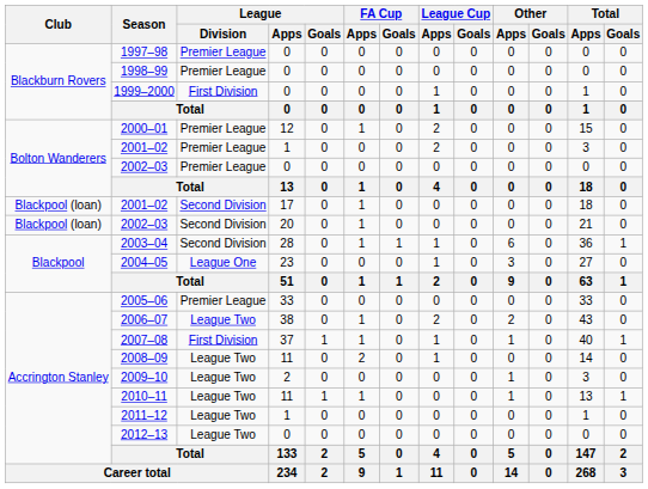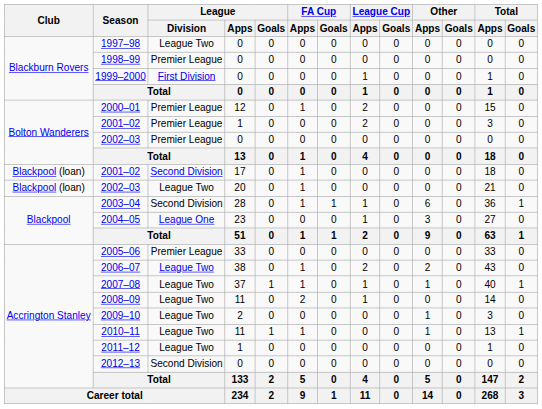 <table class="wikitable" style="text-align: center;">
 <tr>
 <th rowspan=2>Club</th>
 <th rowspan=2>Season</th>
 <th colspan=3>League</th>
 <th colspan=2><a href='#'>FA Cup</a></th>
 <th colspan=2><a href='#'>League Cup</a></th>
 <th colspan=2>Other</th>
 <th colspan=2>Total</th>
 </tr>
 <tr>
 <th>Division</th>
 <th>Apps</th>
 <th>Goals</th>
 <th>Apps</th>
 <th>Goals</th>
 <th>Apps</th>
 <th>Goals</th>
 <th>Apps</th>
 <th>Goals</th>
 <th>Apps</th>
 <th>Goals</th>
 </tr>
 <tr>
 <td rowspan="4"><a href='#'>Blackburn Rovers</a></td>
 <td><a href='#'>1997–98</a></td>
-<td><a href='#'>Premier League</a></td>
+<td>League Two</td>
 <td>0</td>
 <td>0</td>
 <td>0</td>
 <td>0</td>
 <td>0</td>
 <td>0</td>
 <td>0</td>
 <td>0</td>
 <td>0</td>
 <td>0</td>
 </tr>
 <tr>
 <td><a href='#'>1998–99</a></td>
 <td>Premier League</td>
 <td>0</td>
 <td>0</td>
 <td>0</td>
 <td>0</td>
 <td>0</td>
 <td>0</td>
 <td>0</td>
 <td>0</td>
 <td>0</td>
 <td>0</td>
 </tr>
 <tr>
 <td><a href='#'>1999–2000</a></td>
 <td><a href='#'>First Division</a></td>
 <td>0</td>
 <td>0</td>
 <td>0</td>
 <td>0</td>
 <td>1</td>
 <td>0</td>
 <td>0</td>
 <td>0</td>
 <td>1</td>
 <td>0</td>
 </tr>
 <tr>
 <th colspan="2">Total</th>
 <th>0</th>
 <th>0</th>
 <th>0</th>
 <th>0</th>
 <th>1</th>
 <th>0</th>
 <th>0</th>
 <th>0</th>
 <th>1</th>
 <th>0</th>
 </tr>
 <tr>
 <td rowspan="4"><a href='#'>Bolton Wanderers</a></td>
 <td><a href='#'>2000–01</a></td>
 <td>Premier League</td>
 <td>12</td>
 <td>0</td>
 <td>1</td>
 <td>0</td>
 <td>2</td>
 <td>0</td>
 <td>0</td>
 <td>0</td>
 <td>15</td>
 <td>0</td>
 </tr>
 <tr>
 <td><a href='#'>2001–02</a></td>
 <td>Premier League</td>
 <td>1</td>
 <td>0</td>
 <td>0</td>
 <td>0</td>
 <td>2</td>
 <td>0</td>
 <td>0</td>
 <td>0</td>
 <td>3</td>
 <td>0</td>
 </tr>
 <tr>
 <td><a href='#'>2002–03</a></td>
 <td>Premier League</td>
 <td>0</td>
 <td>0</td>
 <td>0</td>
 <td>0</td>
 <td>0</td>
 <td>0</td>
 <td>0</td>
 <td>0</td>
 <td>0</td>
 <td>0</td>
 </tr>
 <tr>
 <th colspan="2">Total</th>
 <th>13</th>
 <th>0</th>
 <th>1</th>
 <th>0</th>
 <th>4</th>
 <th>0</th>
 <th>0</th>
 <th>0</th>
 <th>18</th>
 <th>0</th>
 </tr>
 <tr>
 <td><a href='#'>Blackpool</a> (loan)</td>
 <td><a href='#'>2001–02</a></td>
 <td><a href='#'>Second Division</a></td>
 <td>17</td>
 <td>0</td>
 <td>1</td>
 <td>0</td>
 <td>0</td>
 <td>0</td>
 <td>0</td>
 <td>0</td>
 <td>18</td>
 <td>0</td>
 </tr>
 <tr>
 <td><a href='#'>Blackpool</a> (loan)</td>
 <td><a href='#'>2002–03</a></td>
-<td>Second Division</td>
+<td>League Two</td>
 <td>20</td>
 <td>0</td>
 <td>1</td>
 <td>0</td>
 <td>0</td>
 <td>0</td>
 <td>0</td>
 <td>0</td>
 <td>21</td>
 <td>0</td>
 </tr>
 <tr>
 <td rowspan="3"><a href='#'>Blackpool</a></td>
 <td><a href='#'>2003–04</a></td>
 <td>Second Division</td>
 <td>28</td>
 <td>0</td>
 <td>1</td>
 <td>1</td>
 <td>1</td>
 <td>0</td>
 <td>6</td>
 <td>0</td>
 <td>36</td>
 <td>1</td>
 </tr>
 <tr>
 <td><a href='#'>2004–05</a></td>
 <td><a href='#'>League One</a></td>
 <td>23</td>
 <td>0</td>
 <td>0</td>
 <td>0</td>
 <td>1</td>
 <td>0</td>
 <td>3</td>
 <td>0</td>
 <td>27</td>
 <td>0</td>
 </tr>
 <tr>
 <th colspan="2">Total</th>
 <th>51</th>
 <th>0</th>
 <th>1</th>
 <th>1</th>
 <th>2</th>
 <th>0</th>
 <th>9</th>
 <th>0</th>
 <th>63</th>
 <th>1</th>
 </tr>
 <tr>
 <td rowspan="9"><a href='#'>Accrington Stanley</a></td>
 <td><a href='#'>2005–06</a></td>
 <td>Premier League</td>
 <td>33</td>
 <td>0</td>
 <td>0</td>
 <td>0</td>
 <td>0</td>
 <td>0</td>
 <td>0</td>
 <td>0</td>
 <td>33</td>
 <td>0</td>
 </tr>
 <tr>
 <td><a href='#'>2006–07</a></td>
 <td><a href='#'>League Two</a></td>
 <td>38</td>
 <td>0</td>
 <td>1</td>
 <td>0</td>
 <td>2</td>
 <td>0</td>
 <td>2</td>
 <td>0</td>
 <td>43</td>
 <td>0</td>
 </tr>
 <tr>
 <td><a href='#'>2007–08</a></td>
-<td><a href='#'>First Division</a></td>
+<td>League Two</td>
 <td>37</td>
 <td>1</td>
 <td>1</td>
 <td>0</td>
 <td>1</td>
 <td>0</td>
 <td>1</td>
 <td>0</td>
 <td>40</td>
 <td>1</td>
 </tr>
 <tr>
 <td><a href='#'>2008–09</a></td>
 <td>League Two</td>
 <td>11</td>
 <td>0</td>
 <td>2</td>
 <td>0</td>
 <td>1</td>
 <td>0</td>
 <td>0</td>
 <td>0</td>
 <td>14</td>
 <td>0</td>
 </tr>
 <tr>
 <td><a href='#'>2009–10</a></td>
 <td>League Two</td>
 <td>2</td>
 <td>0</td>
 <td>0</td>
 <td>0</td>
 <td>0</td>
 <td>0</td>
 <td>1</td>
 <td>0</td>
 <td>3</td>
 <td>0</td>
 </tr>
 <tr>
 <td><a href='#'>2010–11</a></td>
 <td>League Two</td>
 <td>11</td>
 <td>1</td>
 <td>1</td>
 <td>0</td>
 <td>0</td>
 <td>0</td>
 <td>1</td>
 <td>0</td>
 <td>13</td>
 <td>1</td>
 </tr>
 <tr>
 <td><a href='#'>2011–12</a></td>
 <td>League Two</td>
 <td>1</td>
 <td>0</td>
 <td>0</td>
 <td>0</td>
 <td>0</td>
 <td>0</td>
 <td>0</td>
 <td>0</td>
 <td>1</td>
 <td>0</td>
 </tr>
 <tr>
 <td><a href='#'>2012–13</a></td>
-<td>League Two</td>
+<td>Second Division</td>
 <td>0</td>
 <td>0</td>
 <td>0</td>
 <td>0</td>
 <td>0</td>
 <td>0</td>
 <td>0</td>
 <td>0</td>
 <td>0</td>
 <td>0</td>
 </tr>
 <tr>
 <th colspan="2">Total</th>
 <th>133</th>
 <th>2</th>
 <th>5</th>
 <th>0</th>
 <th>4</th>
 <th>0</th>
 <th>5</th>
 <th>0</th>
 <th>147</th>
 <th>2</th>
 </tr>
 <tr>
 <th colspan="3">Career total</th>
 <th>234</th>
 <th>2</th>
 <th>9</th>
 <th>1</th>
 <th>11</th>
 <th>0</th>
 <th>14</th>
 <th>0</th>
 <th>268</th>
 <th>3</th>
 </tr>
 </table>
